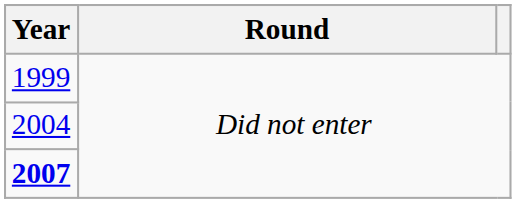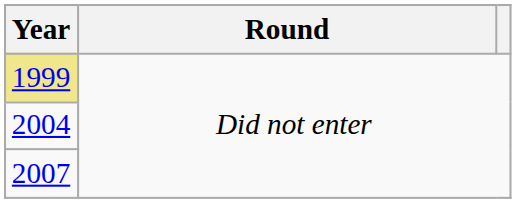 <table class="wikitable" style="text-align: center; font-size:90%">
 <tr>
 <th>Year</th>
 <th style="width:200px">Round</th>
 <th></th>
 </tr>
 <tr>
-<td><a href='#'>1999</a></td>
+<td style="background: khaki;"><a href='#'>1999</a></td>
 <td colspan="2" rowspan="3"><em>Did not enter</em></td>
 </tr>
 <tr>
 <td><a href='#'>2004</a></td>
 </tr>
 <tr>
-<td><strong><a href='#'>2007</a></strong></td>
+<td><a href='#'>2007</a></td>
 </tr>
 </table>
